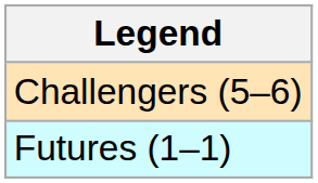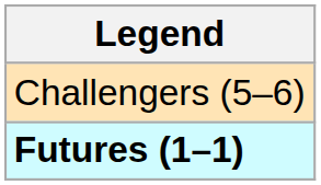 <table class="wikitable">
 <tr>
 <th>Legend</th>
 </tr>
 <tr bgcolor="moccasin">
 <td>Challengers (5–6)</td>
 </tr>
 <tr bgcolor="CFFCFF">
-<td>Futures (1–1)</td>
+<td><strong>Futures (1–1)</strong></td>
 </tr>
 </table>
